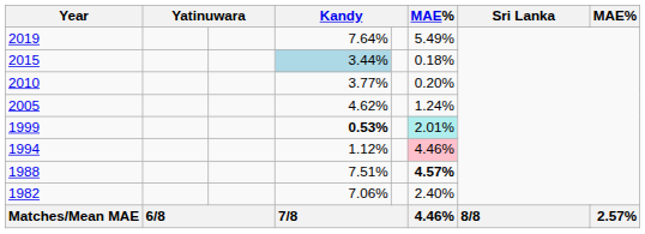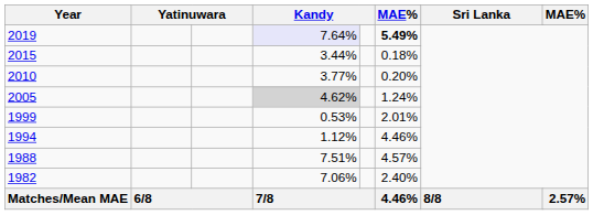 <table class="wikitable">
 <tr>
 <th>Year</th>
 <th colspan="2" width="144px">Yatinuwara</th>
 <th colspan="2" width="144px"><a href='#'>Kandy</a></th>
 <th><a href='#'>MAE</a>%</th>
 <th colspan="2" width="144px">Sri Lanka</th>
 <th>MAE%</th>
 </tr>
 <tr>
 <td><a href='#'>2019</a></td>
 <td></td>
 <td></td>
-<td style="text-align:right;">7.64%</td>
+<td style="background: lavender; text-align:right;">7.64%</td>
 <td></td>
-<td style="text-align:right;">5.49%</td>
+<td style="text-align:right;"><strong>5.49%</strong></td>
 </tr>
 <tr>
 <td><a href='#'>2015</a></td>
 <td></td>
 <td></td>
-<td style="background: lightblue; text-align:right;">3.44%</td>
+<td style="text-align:right;">3.44%</td>
 <td></td>
 <td style="text-align:right;">0.18%</td>
 </tr>
 <tr>
 <td><a href='#'>2010</a></td>
 <td></td>
 <td></td>
 <td style="text-align:right;">3.77%</td>
 <td></td>
 <td style="text-align:right;">0.20%</td>
 </tr>
 <tr>
 <td><a href='#'>2005</a></td>
 <td></td>
 <td></td>
-<td style="text-align:right;">4.62%</td>
+<td style="background: lightgrey; text-align:right;">4.62%</td>
 <td></td>
 <td style="text-align:right;">1.24%</td>
 </tr>
 <tr>
 <td><a href='#'>1999</a></td>
 <td></td>
 <td></td>
-<td style="text-align:right;"><strong>0.53%</strong></td>
+<td style="text-align:right;">0.53%</td>
 <td></td>
-<td style="background: paleturquoise; text-align:right;">2.01%</td>
+<td style="text-align:right;">2.01%</td>
 </tr>
 <tr>
 <td><a href='#'>1994</a></td>
 <td></td>
 <td></td>
 <td style="text-align:right;">1.12%</td>
 <td></td>
-<td style="background: pink; text-align:right;">4.46%</td>
+<td style="text-align:right;">4.46%</td>
 </tr>
 <tr>
 <td><a href='#'>1988</a></td>
 <td></td>
 <td></td>
 <td style="text-align:right;">7.51%</td>
 <td></td>
-<td style="text-align:right;"><strong>4.57%</strong></td>
+<td style="text-align:right;">4.57%</td>
 </tr>
 <tr>
 <td><a href='#'>1982</a></td>
 <td></td>
 <td></td>
 <td style="text-align:right;">7.06%</td>
 <td></td>
 <td style="text-align:right;">2.40%</td>
 </tr>
 <tr>
 <th>Matches/Mean MAE</th>
 <th style="text-align:left;"colspan="2">6/8</th>
 <th style="text-align:left;"colspan="2">7/8</th>
 <th style="text-align:right;">4.46%</th>
 <th style="text-align:left;"colspan="2">8/8</th>
 <th style="text-align:right;">2.57%</th>
 </tr>
 </table>
